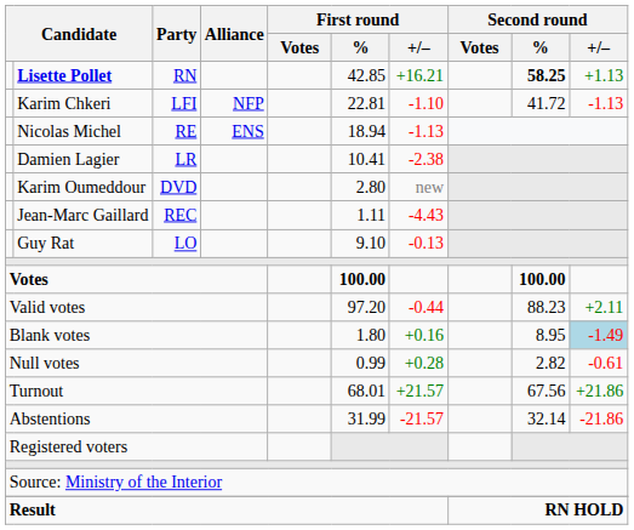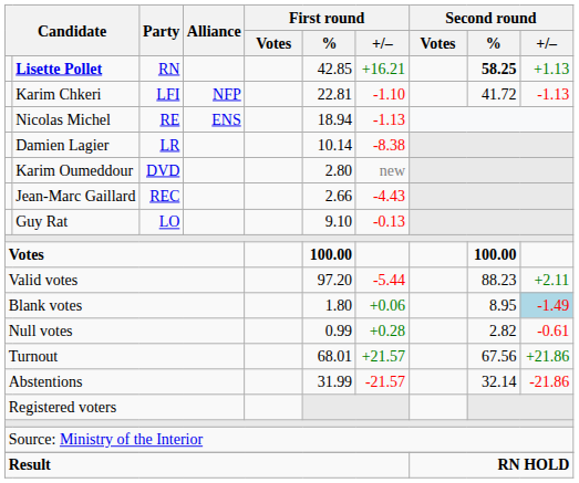 <table class="wikitable" style="text-align:right;font-size:95%;">
 <tr>
 <th rowspan="2" colspan="2">Candidate</th>
 <th rowspan="2">Party</th>
 <th rowspan="2">Alliance</th>
 <th colspan="3">First round</th>
 <th colspan="3">Second round</th>
 </tr>
 <tr>
 <th style="width:50px;">Votes</th>
 <th style="width:45px;">%</th>
 <th style="width:45px;">+/–</th>
 <th style="width:50px;">Votes</th>
 <th style="width:45px;">%</th>
 <th style="width:45px;">+/–</th>
 </tr>
 <tr>
 <td style="color:inherit;background:"></td>
 <td style="text-align:left;"><strong><a href='#'>Lisette Pollet</a></strong></td>
 <td><a href='#'>RN</a></td>
 <td></td>
 <td></td>
 <td>42.85</td>
 <td style="color:green;">+16.21</td>
 <td><strong></strong></td>
 <td><strong>58.25</strong></td>
 <td style="color:green;">+1.13</td>
 </tr>
 <tr>
 <td style="color:inherit;background:"></td>
 <td style="text-align:left;">Karim Chkeri</td>
 <td><a href='#'>LFI</a></td>
 <td><a href='#'>NFP</a></td>
 <td></td>
 <td>22.81</td>
 <td style="color:red;">-1.10</td>
 <td></td>
 <td>41.72</td>
 <td style="color:red;">-1.13</td>
 </tr>
 <tr>
 <td style="color:inherit;background:"></td>
 <td style="text-align:left;">Nicolas Michel</td>
 <td><a href='#'>RE</a></td>
 <td><a href='#'>ENS</a></td>
 <td></td>
 <td>18.94</td>
 <td style="color:red;">-1.13</td>
 <td colspan="3" style="background:#F8F9FA;"></td>
 </tr>
 <tr>
 <td style="color:inherit;background:"></td>
 <td style="text-align:left;">Damien Lagier</td>
 <td><a href='#'>LR</a></td>
 <td></td>
 <td></td>
-<td>10.41</td>
-<td style="color:red;">-2.38</td>
+<td>10.14</td>
+<td style="color:red;">-8.38</td>
 <td colspan="3" style="background:#E9E9E9;"></td>
 </tr>
 <tr>
 <td style="color:inherit;background:"></td>
 <td style="text-align:left;">Karim Oumeddour</td>
 <td><a href='#'>DVD</a></td>
 <td></td>
 <td></td>
 <td>2.80</td>
 <td style="color:grey;">new</td>
 <td colspan="3" style="background:#E9E9E9;"></td>
 </tr>
 <tr>
 <td style="color:inherit;background:"></td>
 <td style="text-align:left;">Jean-Marc Gaillard</td>
 <td><a href='#'>REC</a></td>
 <td></td>
 <td></td>
-<td>1.11</td>
+<td>2.66</td>
 <td style="color:red;">-4.43</td>
 <td colspan="3" style="background:#E9E9E9;"></td>
 </tr>
 <tr>
 <td style="color:inherit;background:"></td>
 <td style="text-align:left;">Guy Rat</td>
 <td><a href='#'>LO</a></td>
 <td></td>
 <td></td>
 <td>9.10</td>
 <td style="color:red;">-0.13</td>
 <td colspan="3" style="background:#E9E9E9;"></td>
 </tr>
 <tr>
 <td colspan="10" style="background:#E9E9E9;"></td>
 </tr>
 <tr style="font-weight:bold;">
 <td colspan="4" style="text-align:left;">Votes</td>
 <td></td>
 <td>100.00</td>
 <td></td>
 <td></td>
 <td>100.00</td>
 <td></td>
 </tr>
 <tr>
 <td colspan="4" style="text-align:left;">Valid votes</td>
 <td></td>
 <td>97.20</td>
-<td style="color:red;">-0.44</td>
+<td style="color:red;">-5.44</td>
 <td></td>
 <td>88.23</td>
 <td style="color:green;">+2.11</td>
 </tr>
 <tr>
 <td colspan="4" style="text-align:left;">Blank votes</td>
 <td></td>
 <td>1.80</td>
-<td style="color:green;">+0.16</td>
+<td style="color:green;">+0.06</td>
 <td></td>
 <td>8.95</td>
 <td style="background: lightblue; color:red;">-1.49</td>
 </tr>
 <tr>
 <td colspan="4" style="text-align:left;">Null votes</td>
 <td></td>
 <td>0.99</td>
 <td style="color:green;">+0.28</td>
 <td></td>
 <td>2.82</td>
 <td style="color:red;">-0.61</td>
 </tr>
 <tr>
 <td colspan="4" style="text-align:left;">Turnout</td>
 <td></td>
 <td>68.01</td>
 <td style="color:green;">+21.57</td>
 <td></td>
 <td>67.56</td>
 <td style="color:green;">+21.86</td>
 </tr>
 <tr>
 <td colspan="4" style="text-align:left;">Abstentions</td>
 <td></td>
 <td>31.99</td>
 <td style="color:red;">-21.57</td>
 <td></td>
 <td>32.14</td>
 <td style="color:red;">-21.86</td>
 </tr>
 <tr>
 <td colspan="4" style="text-align:left;">Registered voters</td>
 <td></td>
 <td colspan="2" style="background:#E9E9E9;"></td>
 <td></td>
 <td colspan="2" style="background:#E9E9E9;"></td>
 </tr>
 <tr>
 <td colspan="10" style="background:#E9E9E9;"></td>
 </tr>
 <tr>
 <td colspan="10" style="text-align:left;">Source: <a href='#'>Ministry of the Interior</a></td>
 </tr>
 <tr>
 </tr>
 <tr style="font-weight:bold">
 <td colspan="7" style="text-align:left;">Result</td>
 <td colspan="7" style="background-color:">RN HOLD</td>
 </tr>
 </table>
